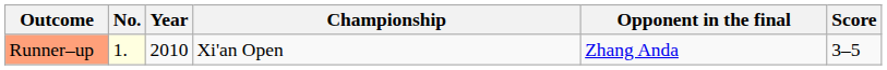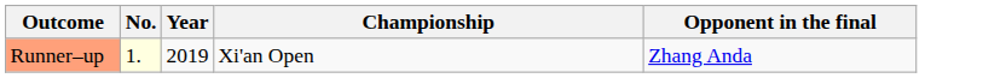 <table class="sortable wikitable">
 <tr>
 <th width="80">Outcome</th>
 <th width="20">No.</th>
 <th width="30">Year</th>
 <th width="319">Championship</th>
 <th width="200">Opponent in the final</th>
-<th width="30">Score</th>
 </tr>
 <tr>
 <td style="background:#FFA07A">Runner–up</td>
 <td style="background: lightyellow;">1.</td>
-<td>2010</td>
+<td>2019</td>
 <td>Xi'an Open</td>
 <td> <a href='#'>Zhang Anda</a></td>
-<td>3–5</td>
 </tr>
 </table>
